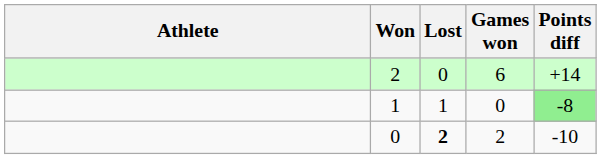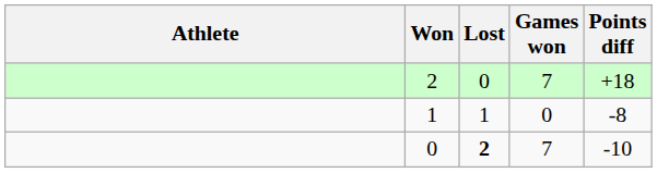 <table class="wikitable">
 <tr>
 <th style="width:18em">Athlete</th>
 <th>Won</th>
 <th>Lost</th>
 <th>Games<br>won</th>
 <th>Points<br>diff</th>
 </tr>
 <tr bgcolor="#ccffcc">
 <td></td>
 <td align="center">2</td>
 <td align="center">0</td>
-<td align="center">6</td>
-<td align="center">+14</td>
+<td align="center">7</td>
+<td align="center">+18</td>
 </tr>
 <tr>
 <td></td>
 <td align="center">1</td>
 <td align="center">1</td>
 <td align="center">0</td>
-<td align="center" style="background: lightgreen;">-8</td>
+<td align="center">-8</td>
 </tr>
 <tr>
 <td></td>
 <td align="center">0</td>
 <td align="center"><strong>2</strong></td>
-<td align="center">2</td>
+<td align="center">7</td>
 <td align="center">-10</td>
 </tr>
 </table>
